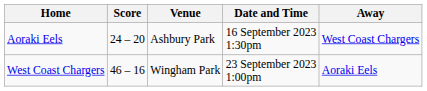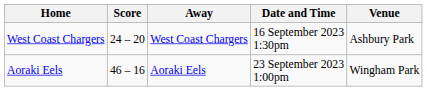 <table class="wikitable">
 <tr>
 <th>Home</th>
 <th>Score</th>
+<th>Away</th>
+<th>Date and Time</th>
 <th>Venue</th>
-<th>Date and Time</th>
-<th>Away</th>
+</tr>
+<tr>
+<td> <a href='#'>West Coast Chargers</a></td>
+<td>24 – 20</td>
+<td> <a href='#'>West Coast Chargers</a></td>
+<td>16 September 2023<br>1:30pm</td>
+<td>Ashbury Park</td>
 </tr>
 <tr>
 <td> <a href='#'>Aoraki Eels</a></td>
-<td>24 – 20</td>
-<td>Ashbury Park</td>
-<td>16 September 2023<br>1:30pm</td>
-<td> <a href='#'>West Coast Chargers</a></td>
-</tr>
-<tr>
-<td> <a href='#'>West Coast Chargers</a></td>
 <td>46 – 16</td>
+<td> <a href='#'>Aoraki Eels</a></td>
+<td>23 September 2023<br>1:00pm</td>
 <td>Wingham Park</td>
-<td>23 September 2023<br>1:00pm</td>
-<td> <a href='#'>Aoraki Eels</a></td>
 </tr>
 </table>
